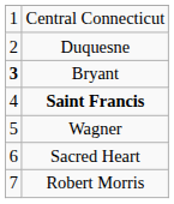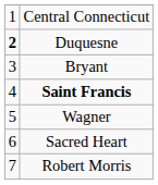 <table class="wikitable">
 <tr align="center">
 </tr>
 <tr align="center">
 <td>1</td>
 <td>Central Connecticut</td>
 </tr>
 <tr align="center">
-<td>2</td>
+<td><strong>2</strong></td>
 <td>Duquesne</td>
 </tr>
 <tr align="center">
-<td><strong>3</strong></td>
+<td>3</td>
 <td>Bryant</td>
 </tr>
 <tr align="center">
 <td>4</td>
 <td><strong>Saint Francis</strong></td>
 </tr>
 <tr align="center">
 <td>5</td>
 <td>Wagner</td>
 </tr>
 <tr align="center">
 <td>6</td>
 <td>Sacred Heart</td>
 </tr>
 <tr align="center">
 <td>7</td>
 <td>Robert Morris</td>
 </tr>
 </table>
